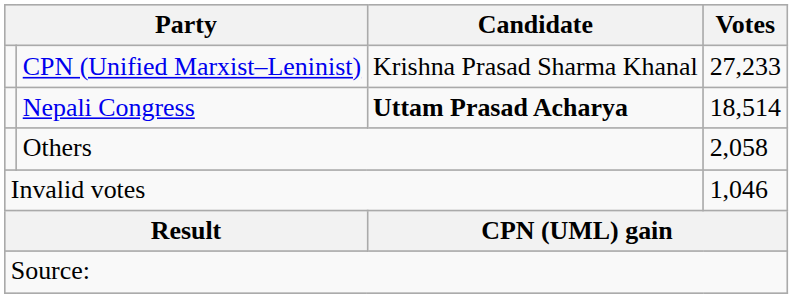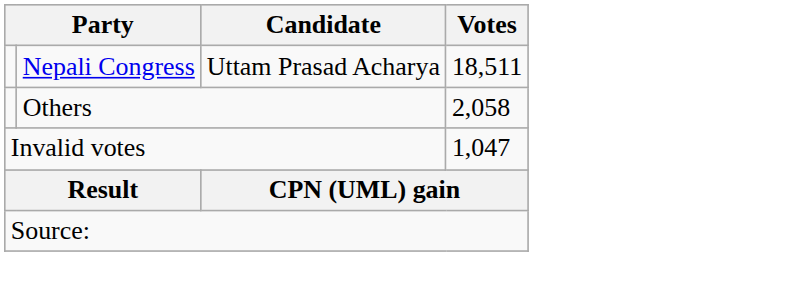 <table class="wikitable">
 <tr>
 <th colspan="2">Party</th>
 <th>Candidate</th>
 <th>Votes</th>
 </tr>
 <tr>
 <td style="background-color:"></td>
-<td><a href='#'>CPN (Unified Marxist–Leninist)</a></td>
-<td>Krishna Prasad Sharma Khanal</td>
-<td>27,233</td>
-</tr>
-<tr>
-<td style="background-color:"></td>
 <td><a href='#'>Nepali Congress</a></td>
-<td><strong>Uttam Prasad Acharya</strong></td>
-<td>18,514</td>
+<td>Uttam Prasad Acharya</td>
+<td>18,511</td>
 </tr>
 <tr>
 <td></td>
 <td colspan="2">Others</td>
 <td>2,058</td>
 </tr>
 <tr>
 <td colspan="3">Invalid votes</td>
-<td>1,046</td>
+<td>1,047</td>
 </tr>
 <tr>
 <th colspan="2">Result</th>
 <th colspan="2">CPN (UML) gain</th>
 </tr>
 <tr>
 <td colspan="4">Source: </td>
 </tr>
 </table>
